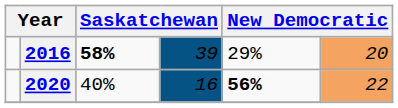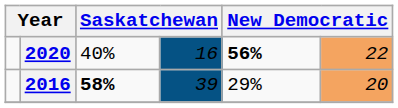 <table class="wikitable" style="float:right; width:400; font-size:90%; margin-left:1em;">
 <tr>
 <th colspan="2" scope="col">Year</th>
 <th colspan="2" scope="col"><a href='#'>Saskatchewan</a></th>
 <th colspan="2" scope="col"><a href='#'>New Democratic</a></th>
+</tr>
+<tr>
+<td style="width: 0.25em; background-color: "></td>
+<th><a href='#'>2020</a></th>
+<td>40%</td>
+<td style="text-align:right; background:#055284;"><em>16</em></td>
+<td><strong>56%</strong></td>
+<td style="text-align:right; background:#F4A460;"><em>22</em></td>
 </tr>
 <tr>
 <td style="width: 0.25em; background-color: "></td>
 <th><a href='#'>2016</a></th>
 <td><strong>58%</strong></td>
 <td style="text-align:right; background:#055284;"><em>39</em></td>
 <td>29%</td>
 <td style="text-align:right; background:#F4A460;"><em>20</em></td>
 </tr>
 <tr>
-<td style="width: 0.25em; background-color: "></td>
-<th><a href='#'>2020</a></th>
-<td>40%</td>
-<td style="text-align:right; background:#055284;"><em>16</em></td>
-<td><strong>56%</strong></td>
-<td style="text-align:right; background:#F4A460;"><em>22</em></td>
-</tr>
-<tr>
 </tr>
 </table>
